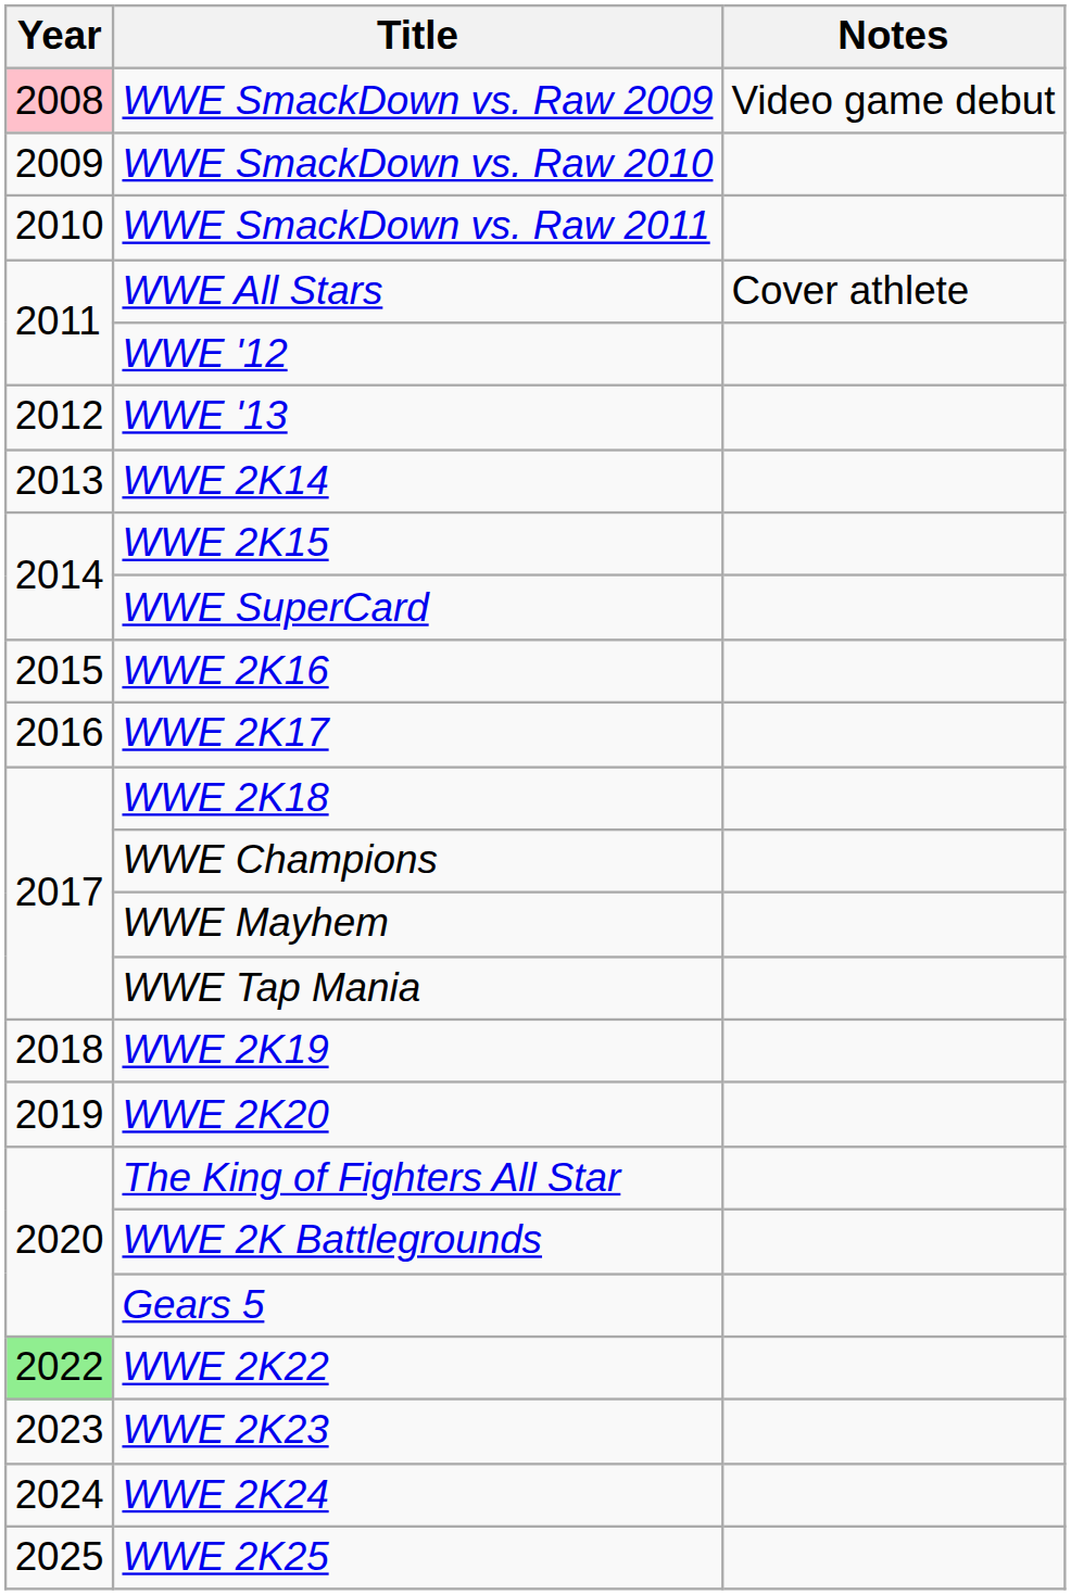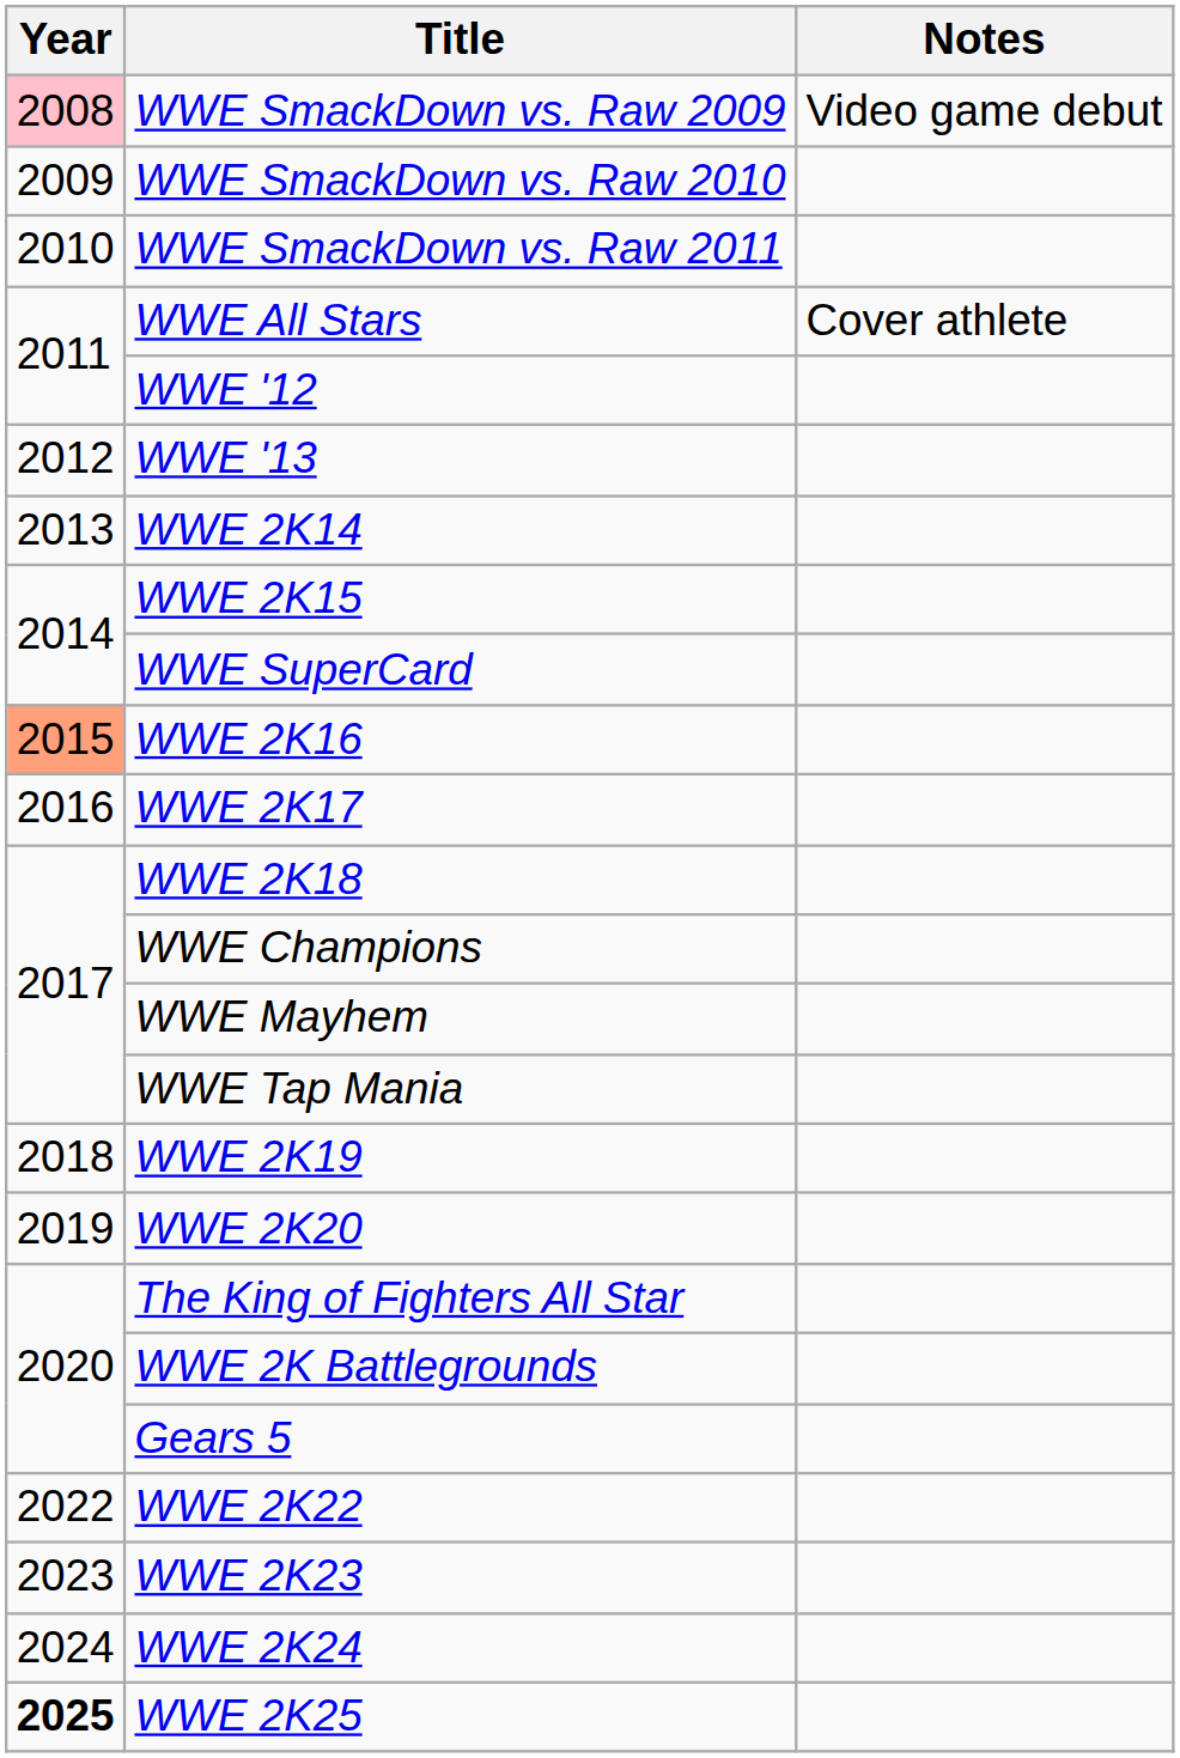 <table class="wikitable sortable">
 <tr>
 <th>Year</th>
 <th>Title</th>
 <th>Notes</th>
 </tr>
 <tr>
 <td style="background: pink;">2008</td>
 <td><em><a href='#'>WWE SmackDown vs. Raw 2009</a></em></td>
 <td>Video game debut</td>
 </tr>
 <tr>
 <td>2009</td>
 <td><em><a href='#'>WWE SmackDown vs. Raw 2010</a></em></td>
 <td></td>
 </tr>
 <tr>
 <td>2010</td>
 <td><em><a href='#'>WWE SmackDown vs. Raw 2011</a></em></td>
 <td></td>
 </tr>
 <tr>
 <td rowspan=2>2011</td>
 <td><em><a href='#'>WWE All Stars</a></em></td>
 <td>Cover athlete</td>
 </tr>
 <tr>
 <td><em><a href='#'>WWE '12</a></em></td>
 <td></td>
 </tr>
 <tr>
 <td>2012</td>
 <td><em><a href='#'>WWE '13</a></em></td>
 <td></td>
 </tr>
 <tr>
 <td>2013</td>
 <td><em><a href='#'>WWE 2K14</a></em></td>
 <td></td>
 </tr>
 <tr>
 <td rowspan=2>2014</td>
 <td><em><a href='#'>WWE 2K15</a></em></td>
 <td></td>
 </tr>
 <tr>
 <td><em><a href='#'>WWE SuperCard</a></em></td>
 <td></td>
 </tr>
 <tr>
-<td>2015</td>
+<td style="background: lightsalmon;">2015</td>
 <td><em><a href='#'>WWE 2K16</a></em></td>
 <td></td>
 </tr>
 <tr>
 <td>2016</td>
 <td><em><a href='#'>WWE 2K17</a></em></td>
 <td></td>
 </tr>
 <tr>
 <td rowspan="4">2017</td>
 <td><em><a href='#'>WWE 2K18</a></em></td>
 <td></td>
 </tr>
 <tr>
 <td><em>WWE Champions</em></td>
 <td></td>
 </tr>
 <tr>
 <td><em>WWE Mayhem</em></td>
 <td></td>
 </tr>
 <tr>
 <td><em>WWE Tap Mania</em></td>
 <td></td>
 </tr>
 <tr>
 <td>2018</td>
 <td><em><a href='#'>WWE 2K19</a></em></td>
 <td></td>
 </tr>
 <tr>
 <td>2019</td>
 <td><em><a href='#'>WWE 2K20</a></em></td>
 <td></td>
 </tr>
 <tr>
 <td rowspan="3">2020</td>
 <td><em><a href='#'>The King of Fighters All Star</a></em></td>
 <td></td>
 </tr>
 <tr>
 <td><em><a href='#'>WWE 2K Battlegrounds</a></em></td>
 <td></td>
 </tr>
 <tr>
 <td><em><a href='#'>Gears 5</a></em></td>
 <td></td>
 </tr>
 <tr>
-<td style="background: lightgreen;">2022</td>
+<td>2022</td>
 <td><em><a href='#'>WWE 2K22</a></em></td>
 <td></td>
 </tr>
 <tr>
 <td>2023</td>
 <td><em><a href='#'>WWE 2K23</a></em></td>
 <td></td>
 </tr>
 <tr>
 <td>2024</td>
 <td><em><a href='#'>WWE 2K24</a></em></td>
 <td></td>
 </tr>
 <tr>
-<td>2025</td>
+<td><strong>2025</strong></td>
 <td><em><a href='#'>WWE 2K25</a></em></td>
 <td></td>
 </tr>
 </table>
